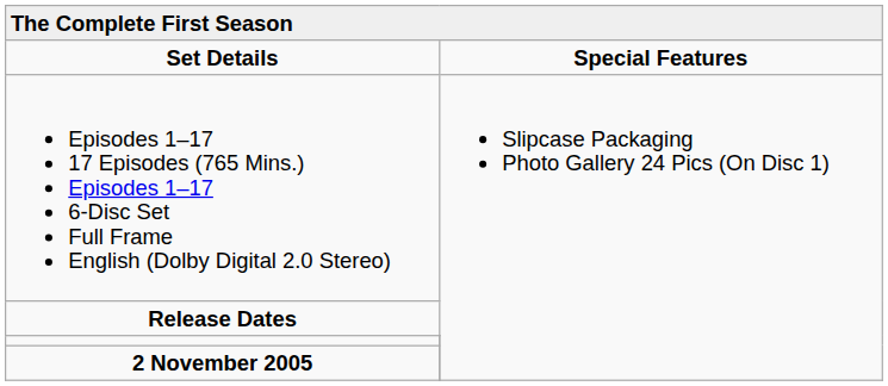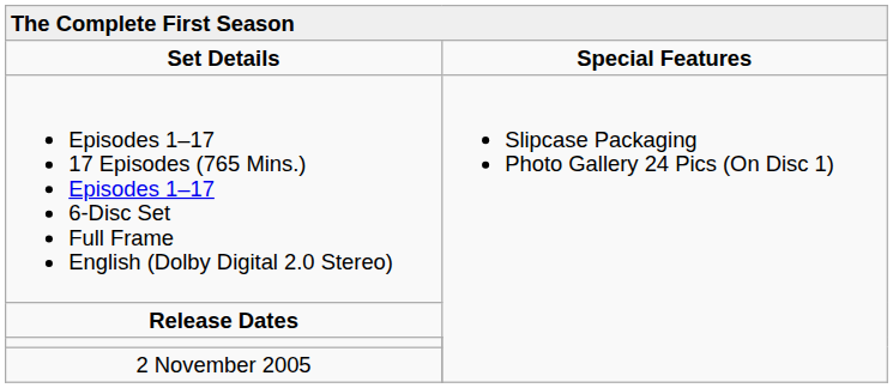 <table class="wikitable" style="font-size: 95%;">
 <tr style="background:#EFEFEF">
 <td colspan="5"><strong>The Complete First Season</strong></td>
 </tr>
 <tr>
 <td align="center" width="350" colspan="3"><strong>Set Details</strong></td>
 <td width="250" align="center"><strong>Special Features</strong></td>
 </tr>
 <tr valign="top">
 <td colspan="3" align="left" width="400"><br><ul><li>Episodes 1–17</li><li>17 Episodes (765 Mins.)</li><li><a href='#'>Episodes 1–17</a></li><li>6-Disc Set</li><li>Full Frame</li><li>English (Dolby Digital 2.0 Stereo)</li></ul></td>
 <td rowspan="4" align="left" width="300"><br><ul><li>Slipcase Packaging</li><li>Photo Gallery 24 Pics (On Disc 1)</li></ul></td>
 </tr>
 <tr>
 <td colspan="3" align="center"><strong>Release Dates</strong></td>
 </tr>
 <tr>
 <td align="center"></td>
 </tr>
 <tr>
-<td align="center"><strong>2 November 2005</strong></td>
+<td align="center">2 November 2005</td>
 </tr>
 </table>
